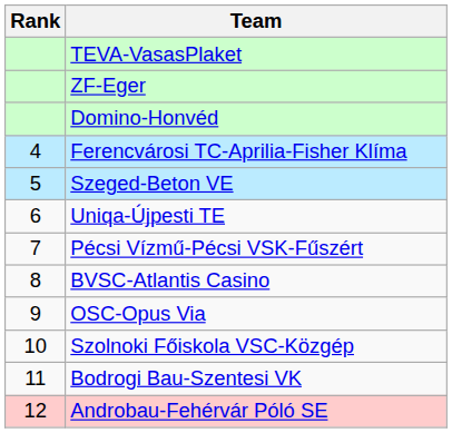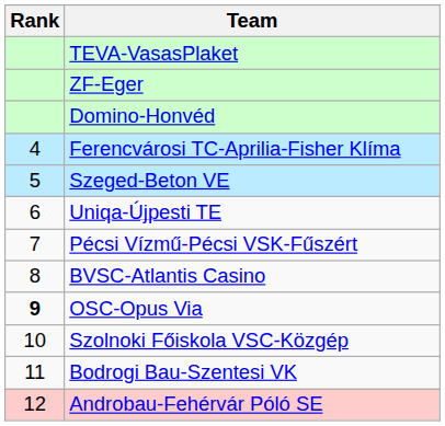 <table class="wikitable">
 <tr>
 <th width=40>Rank</th>
 <th width=290>Team</th>
 </tr>
 <tr bgcolor=#ccffcc>
 <td align="center"></td>
 <td align="left"> <a href='#'>TEVA-VasasPlaket</a></td>
 </tr>
 <tr bgcolor=#ccffcc>
 <td align="center"></td>
 <td align="left"> <a href='#'>ZF-Eger</a></td>
 </tr>
 <tr bgcolor=#ccffcc>
 <td align="center"></td>
 <td align="left"> <a href='#'>Domino-Honvéd</a></td>
 </tr>
 <tr bgcolor=#bbebff>
 <td align="center">4</td>
 <td align="left"> <a href='#'>Ferencvárosi TC-Aprilia-Fisher Klíma</a></td>
 </tr>
 <tr bgcolor=#bbebff>
 <td align="center">5</td>
 <td align="left"> <a href='#'>Szeged-Beton VE</a></td>
 </tr>
 <tr>
 <td align="center">6</td>
 <td align="left"> <a href='#'>Uniqa-Újpesti TE</a></td>
 </tr>
 <tr>
 <td align="center">7</td>
 <td align="left"> <a href='#'>Pécsi Vízmű-Pécsi VSK-Fűszért</a></td>
 </tr>
 <tr>
 <td align="center">8</td>
 <td align="left"> <a href='#'>BVSC-Atlantis Casino</a></td>
 </tr>
 <tr>
-<td align="center">9</td>
+<td align="center"><strong>9</strong></td>
 <td align="left"> <a href='#'>OSC-Opus Via</a></td>
 </tr>
 <tr>
 <td align="center">10</td>
 <td align="left"> <a href='#'>Szolnoki Főiskola VSC-Közgép</a></td>
 </tr>
 <tr>
 <td align="center">11</td>
 <td align="left"> <a href='#'>Bodrogi Bau-Szentesi VK</a></td>
 </tr>
 <tr bgcolor=#ffcccc>
 <td align="center">12</td>
 <td align="left"> <a href='#'>Androbau-Fehérvár Póló SE</a></td>
 </tr>
 </table>
